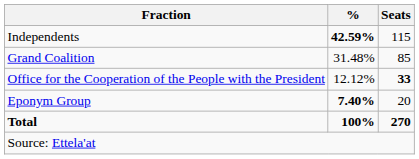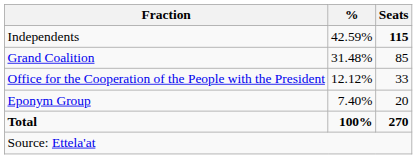 <table class=wikitable style=text-align:right>
 <tr>
 <th>Fraction</th>
 <th>%</th>
 <th>Seats</th>
 </tr>
 <tr>
 <td align=left>Independents</td>
-<td><strong>42.59%</strong></td>
-<td>115</td>
+<td>42.59%</td>
+<td><strong>115</strong></td>
 </tr>
 <tr>
 <td align=left><a href='#'>Grand Coalition</a></td>
 <td>31.48%</td>
 <td>85</td>
 </tr>
 <tr>
 <td align=left><a href='#'>Office for the Cooperation of the People with the President</a></td>
 <td>12.12%</td>
-<td><strong>33</strong></td>
+<td>33</td>
 </tr>
 <tr>
 <td align=left><a href='#'>Eponym Group</a></td>
-<td><strong>7.40%</strong></td>
+<td>7.40%</td>
 <td>20</td>
 </tr>
 <tr>
 <td align=left><strong>Total</strong></td>
 <td><strong>100%</strong></td>
 <td><strong>270</strong></td>
 </tr>
 <tr>
 <td align=left colspan=4>Source: <a href='#'>Ettela'at</a></td>
 </tr>
 </table>
